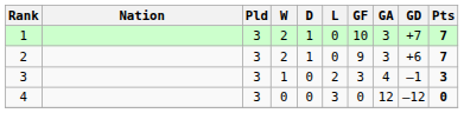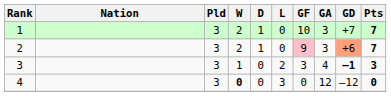 <table class="wikitable" style="text-align: center;">
 <tr>
 <th width=5>Rank</th>
 <th width=200>Nation</th>
 <th width=20>Pld</th>
 <th width=20>W</th>
 <th width=20>D</th>
 <th width=20>L</th>
 <th width=20>GF</th>
 <th width=20>GA</th>
 <th width=25>GD</th>
 <th width=20>Pts</th>
 </tr>
 <tr style="background:#ccffcc">
 <td>1</td>
 <td style="text-align:left"></td>
 <td>3</td>
 <td>2</td>
 <td>1</td>
 <td>0</td>
 <td>10</td>
 <td>3</td>
 <td>+7</td>
 <td><strong>7</strong></td>
 </tr>
 <tr>
 <td>2</td>
 <td style="text-align:left"></td>
 <td>3</td>
 <td>2</td>
 <td>1</td>
 <td>0</td>
-<td>9</td>
+<td style="background: pink;">9</td>
 <td>3</td>
-<td>+6</td>
+<td style="background: lightsalmon;">+6</td>
 <td><strong>7</strong></td>
 </tr>
 <tr>
 <td>3</td>
 <td style="text-align:left"></td>
 <td>3</td>
 <td>1</td>
 <td>0</td>
 <td>2</td>
 <td>3</td>
 <td>4</td>
-<td>–1</td>
+<td><strong>–1</strong></td>
 <td><strong>3</strong></td>
 </tr>
 <tr>
 <td>4</td>
 <td style="text-align:left"></td>
 <td>3</td>
-<td>0</td>
+<td><strong>0</strong></td>
 <td>0</td>
 <td>3</td>
 <td>0</td>
 <td>12</td>
 <td>–12</td>
 <td><strong>0</strong></td>
 </tr>
 <tr>
 </tr>
 </table>
